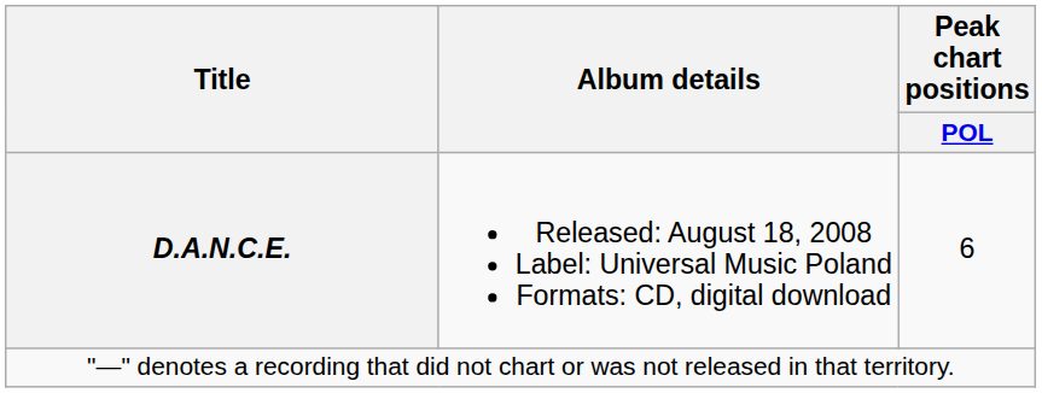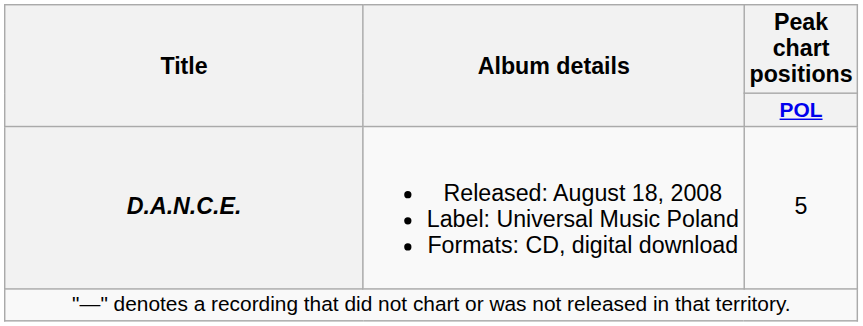 <table class="wikitable plainrowheaders" style="text-align:center;">
 <tr>
 <th scope="col" rowspan="2" style="width:15em;">Title</th>
 <th scope="col" rowspan="2">Album details</th>
 <th scope="col" colspan="1">Peak chart positions</th>
 </tr>
 <tr>
 <th scope="col" style="width:3em;font-size:90%;"><a href='#'>POL</a><br></th>
 </tr>
 <tr>
 <th scope="row"><em>D.A.N.C.E.</em></th>
 <td><br><ul><li>Released: August 18, 2008</li><li>Label: Universal Music Poland</li><li>Formats: CD, digital download</li></ul></td>
-<td>6</td>
+<td>5</td>
 </tr>
 <tr>
 <td colspan="20" style="font-size:90%">"—" denotes a recording that did not chart or was not released in that territory.</td>
 </tr>
 </table>
